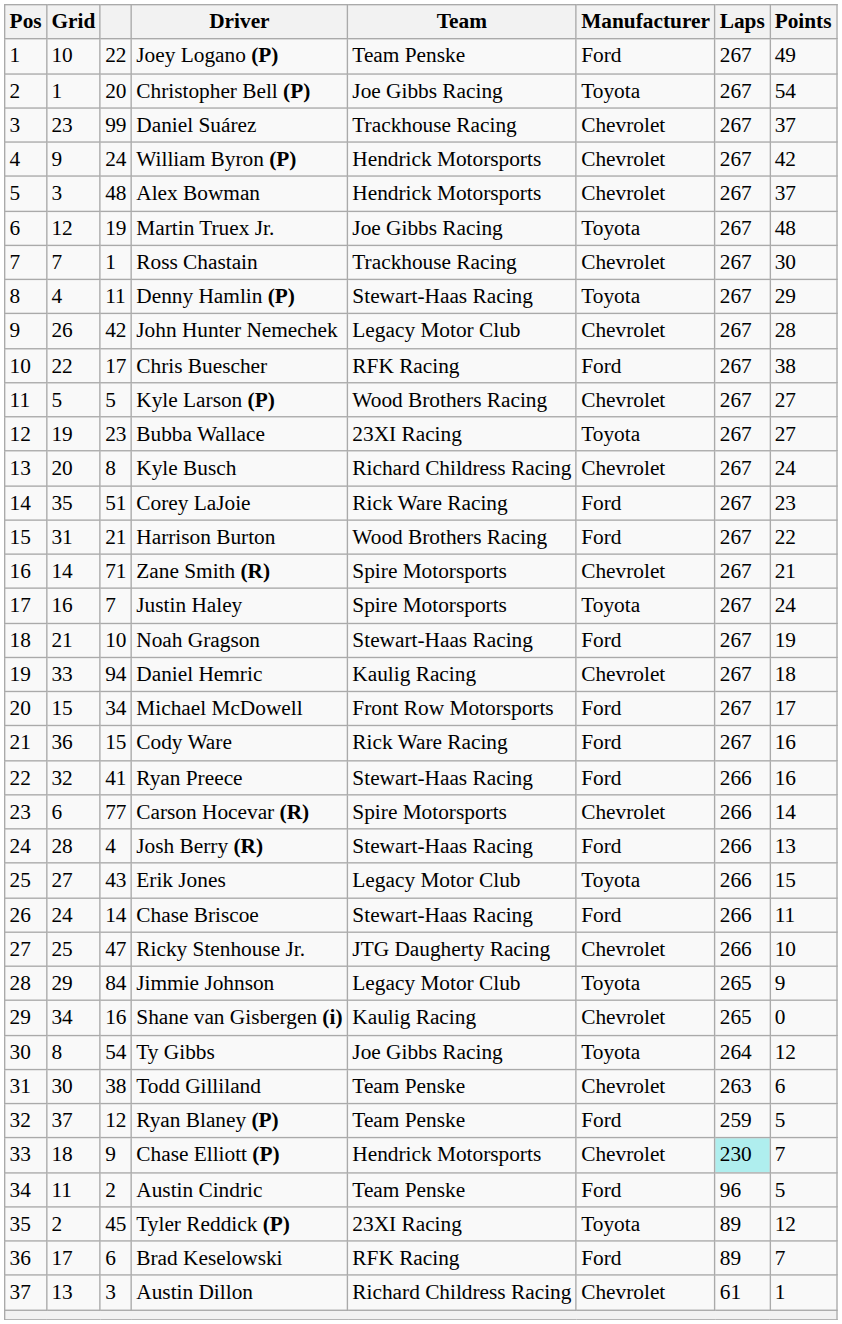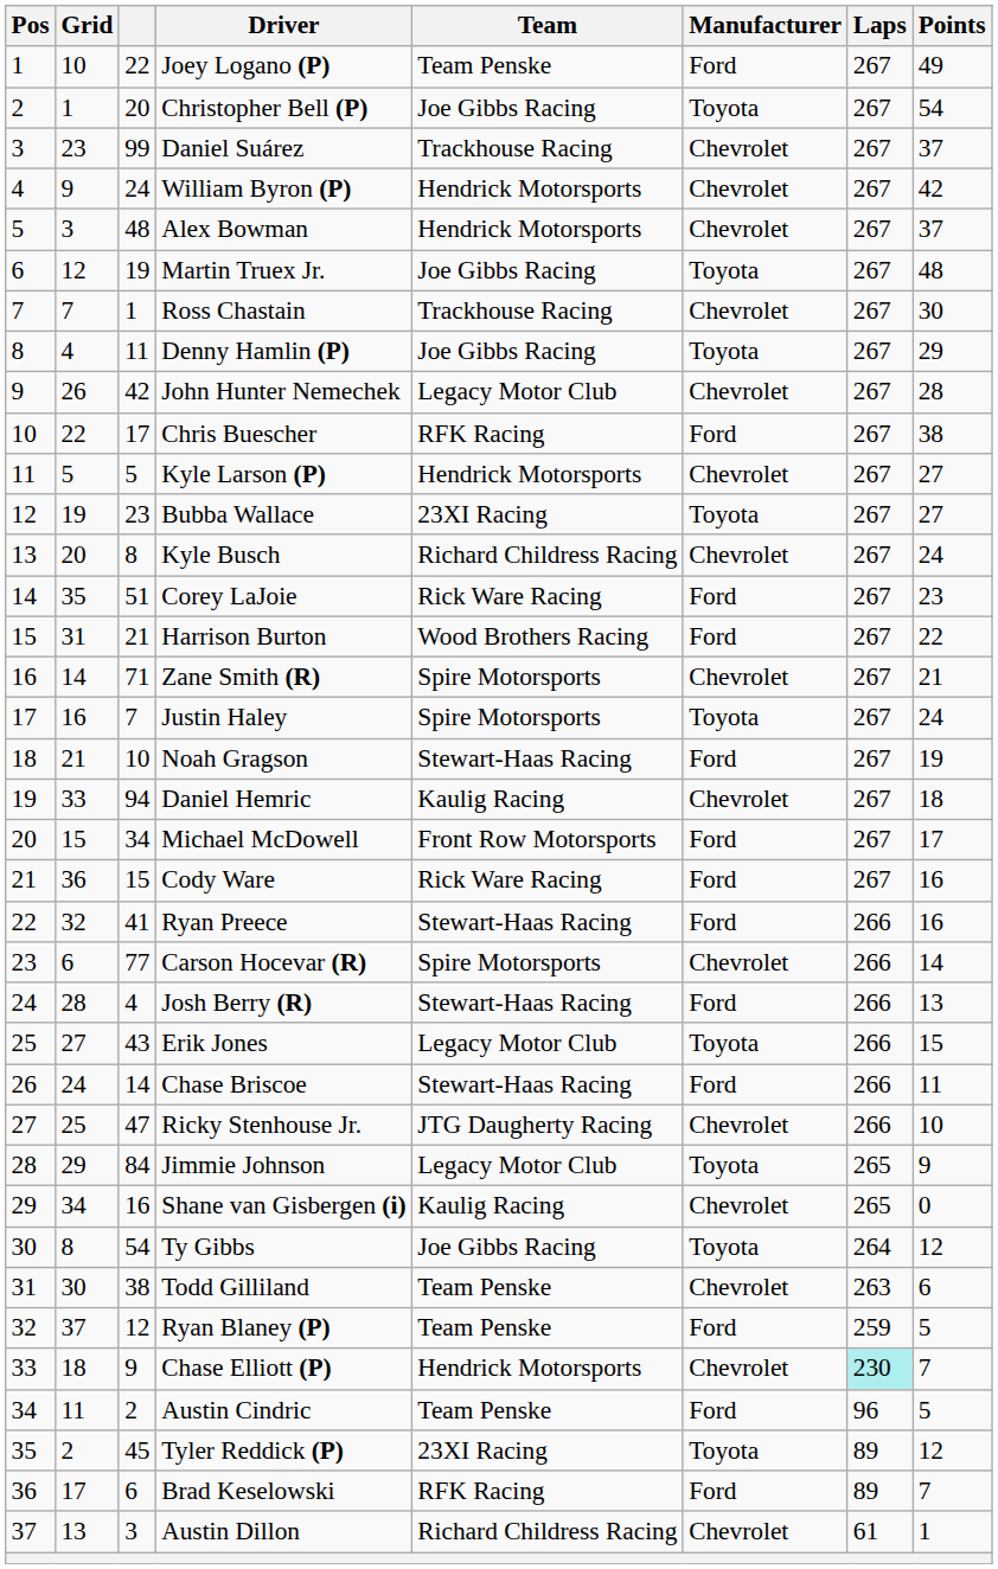 <table class="wikitable" style="font-size:98%">
 <tr>
 <th>Pos</th>
 <th>Grid</th>
 <th></th>
 <th>Driver</th>
 <th>Team</th>
 <th>Manufacturer</th>
 <th>Laps</th>
 <th>Points</th>
 </tr>
 <tr>
 <td>1</td>
 <td>10</td>
 <td>22</td>
 <td>Joey Logano <strong>(P)</strong></td>
 <td>Team Penske</td>
 <td>Ford</td>
 <td>267</td>
 <td>49</td>
 </tr>
 <tr>
 <td>2</td>
 <td>1</td>
 <td>20</td>
 <td>Christopher Bell <strong>(P)</strong></td>
 <td>Joe Gibbs Racing</td>
 <td>Toyota</td>
 <td>267</td>
 <td>54</td>
 </tr>
 <tr>
 <td>3</td>
 <td>23</td>
 <td>99</td>
 <td>Daniel Suárez</td>
 <td>Trackhouse Racing</td>
 <td>Chevrolet</td>
 <td>267</td>
 <td>37</td>
 </tr>
 <tr>
 <td>4</td>
 <td>9</td>
 <td>24</td>
 <td>William Byron <strong>(P)</strong></td>
 <td>Hendrick Motorsports</td>
 <td>Chevrolet</td>
 <td>267</td>
 <td>42</td>
 </tr>
 <tr>
 <td>5</td>
 <td>3</td>
 <td>48</td>
 <td>Alex Bowman</td>
 <td>Hendrick Motorsports</td>
 <td>Chevrolet</td>
 <td>267</td>
 <td>37</td>
 </tr>
 <tr>
 <td>6</td>
 <td>12</td>
 <td>19</td>
 <td>Martin Truex Jr.</td>
 <td>Joe Gibbs Racing</td>
 <td>Toyota</td>
 <td>267</td>
 <td>48</td>
 </tr>
 <tr>
 <td>7</td>
 <td>7</td>
 <td>1</td>
 <td>Ross Chastain</td>
 <td>Trackhouse Racing</td>
 <td>Chevrolet</td>
 <td>267</td>
 <td>30</td>
 </tr>
 <tr>
 <td>8</td>
 <td>4</td>
 <td>11</td>
 <td>Denny Hamlin <strong>(P)</strong></td>
-<td>Stewart-Haas Racing</td>
+<td>Joe Gibbs Racing</td>
 <td>Toyota</td>
 <td>267</td>
 <td>29</td>
 </tr>
 <tr>
 <td>9</td>
 <td>26</td>
 <td>42</td>
 <td>John Hunter Nemechek</td>
 <td>Legacy Motor Club</td>
 <td>Chevrolet</td>
 <td>267</td>
 <td>28</td>
 </tr>
 <tr>
 <td>10</td>
 <td>22</td>
 <td>17</td>
 <td>Chris Buescher</td>
 <td>RFK Racing</td>
 <td>Ford</td>
 <td>267</td>
 <td>38</td>
 </tr>
 <tr>
 <td>11</td>
 <td>5</td>
 <td>5</td>
 <td>Kyle Larson <strong>(P)</strong></td>
-<td>Wood Brothers Racing</td>
+<td>Hendrick Motorsports</td>
 <td>Chevrolet</td>
 <td>267</td>
 <td>27</td>
 </tr>
 <tr>
 <td>12</td>
 <td>19</td>
 <td>23</td>
 <td>Bubba Wallace</td>
 <td>23XI Racing</td>
 <td>Toyota</td>
 <td>267</td>
 <td>27</td>
 </tr>
 <tr>
 <td>13</td>
 <td>20</td>
 <td>8</td>
 <td>Kyle Busch</td>
 <td>Richard Childress Racing</td>
 <td>Chevrolet</td>
 <td>267</td>
 <td>24</td>
 </tr>
 <tr>
 <td>14</td>
 <td>35</td>
 <td>51</td>
 <td>Corey LaJoie</td>
 <td>Rick Ware Racing</td>
 <td>Ford</td>
 <td>267</td>
 <td>23</td>
 </tr>
 <tr>
 <td>15</td>
 <td>31</td>
 <td>21</td>
 <td>Harrison Burton</td>
 <td>Wood Brothers Racing</td>
 <td>Ford</td>
 <td>267</td>
 <td>22</td>
 </tr>
 <tr>
 <td>16</td>
 <td>14</td>
 <td>71</td>
 <td>Zane Smith <strong>(R)</strong></td>
 <td>Spire Motorsports</td>
 <td>Chevrolet</td>
 <td>267</td>
 <td>21</td>
 </tr>
 <tr>
 <td>17</td>
 <td>16</td>
 <td>7</td>
 <td>Justin Haley</td>
 <td>Spire Motorsports</td>
 <td>Toyota</td>
 <td>267</td>
 <td>24</td>
 </tr>
 <tr>
 <td>18</td>
 <td>21</td>
 <td>10</td>
 <td>Noah Gragson</td>
 <td>Stewart-Haas Racing</td>
 <td>Ford</td>
 <td>267</td>
 <td>19</td>
 </tr>
 <tr>
 <td>19</td>
 <td>33</td>
 <td>94</td>
 <td>Daniel Hemric</td>
 <td>Kaulig Racing</td>
 <td>Chevrolet</td>
 <td>267</td>
 <td>18</td>
 </tr>
 <tr>
 <td>20</td>
 <td>15</td>
 <td>34</td>
 <td>Michael McDowell</td>
 <td>Front Row Motorsports</td>
 <td>Ford</td>
 <td>267</td>
 <td>17</td>
 </tr>
 <tr>
 <td>21</td>
 <td>36</td>
 <td>15</td>
 <td>Cody Ware</td>
 <td>Rick Ware Racing</td>
 <td>Ford</td>
 <td>267</td>
 <td>16</td>
 </tr>
 <tr>
 <td>22</td>
 <td>32</td>
 <td>41</td>
 <td>Ryan Preece</td>
 <td>Stewart-Haas Racing</td>
 <td>Ford</td>
 <td>266</td>
 <td>16</td>
 </tr>
 <tr>
 <td>23</td>
 <td>6</td>
 <td>77</td>
 <td>Carson Hocevar <strong>(R)</strong></td>
 <td>Spire Motorsports</td>
 <td>Chevrolet</td>
 <td>266</td>
 <td>14</td>
 </tr>
 <tr>
 <td>24</td>
 <td>28</td>
 <td>4</td>
 <td>Josh Berry <strong>(R)</strong></td>
 <td>Stewart-Haas Racing</td>
 <td>Ford</td>
 <td>266</td>
 <td>13</td>
 </tr>
 <tr>
 <td>25</td>
 <td>27</td>
 <td>43</td>
 <td>Erik Jones</td>
 <td>Legacy Motor Club</td>
 <td>Toyota</td>
 <td>266</td>
 <td>15</td>
 </tr>
 <tr>
 <td>26</td>
 <td>24</td>
 <td>14</td>
 <td>Chase Briscoe</td>
 <td>Stewart-Haas Racing</td>
 <td>Ford</td>
 <td>266</td>
 <td>11</td>
 </tr>
 <tr>
 <td>27</td>
 <td>25</td>
 <td>47</td>
 <td>Ricky Stenhouse Jr.</td>
 <td>JTG Daugherty Racing</td>
 <td>Chevrolet</td>
 <td>266</td>
 <td>10</td>
 </tr>
 <tr>
 <td>28</td>
 <td>29</td>
 <td>84</td>
 <td>Jimmie Johnson</td>
 <td>Legacy Motor Club</td>
 <td>Toyota</td>
 <td>265</td>
 <td>9</td>
 </tr>
 <tr>
 <td>29</td>
 <td>34</td>
 <td>16</td>
 <td>Shane van Gisbergen <strong>(i)</strong></td>
 <td>Kaulig Racing</td>
 <td>Chevrolet</td>
 <td>265</td>
 <td>0</td>
 </tr>
 <tr>
 <td>30</td>
 <td>8</td>
 <td>54</td>
 <td>Ty Gibbs</td>
 <td>Joe Gibbs Racing</td>
 <td>Toyota</td>
 <td>264</td>
 <td>12</td>
 </tr>
 <tr>
 <td>31</td>
 <td>30</td>
 <td>38</td>
 <td>Todd Gilliland</td>
 <td>Team Penske</td>
 <td>Chevrolet</td>
 <td>263</td>
 <td>6</td>
 </tr>
 <tr>
 <td>32</td>
 <td>37</td>
 <td>12</td>
 <td>Ryan Blaney <strong>(P)</strong></td>
 <td>Team Penske</td>
 <td>Ford</td>
 <td>259</td>
 <td>5</td>
 </tr>
 <tr>
 <td>33</td>
 <td>18</td>
 <td>9</td>
 <td>Chase Elliott <strong>(P)</strong></td>
 <td>Hendrick Motorsports</td>
 <td>Chevrolet</td>
 <td style="background: paleturquoise;">230</td>
 <td>7</td>
 </tr>
 <tr>
 <td>34</td>
 <td>11</td>
 <td>2</td>
 <td>Austin Cindric</td>
 <td>Team Penske</td>
 <td>Ford</td>
 <td>96</td>
 <td>5</td>
 </tr>
 <tr>
 <td>35</td>
 <td>2</td>
 <td>45</td>
 <td>Tyler Reddick <strong>(P)</strong></td>
 <td>23XI Racing</td>
 <td>Toyota</td>
 <td>89</td>
 <td>12</td>
 </tr>
 <tr>
 <td>36</td>
 <td>17</td>
 <td>6</td>
 <td>Brad Keselowski</td>
 <td>RFK Racing</td>
 <td>Ford</td>
 <td>89</td>
 <td>7</td>
 </tr>
 <tr>
 <td>37</td>
 <td>13</td>
 <td>3</td>
 <td>Austin Dillon</td>
 <td>Richard Childress Racing</td>
 <td>Chevrolet</td>
 <td>61</td>
 <td>1</td>
 </tr>
 <tr>
 <th colspan="8"></th>
 </tr>
 </table>
